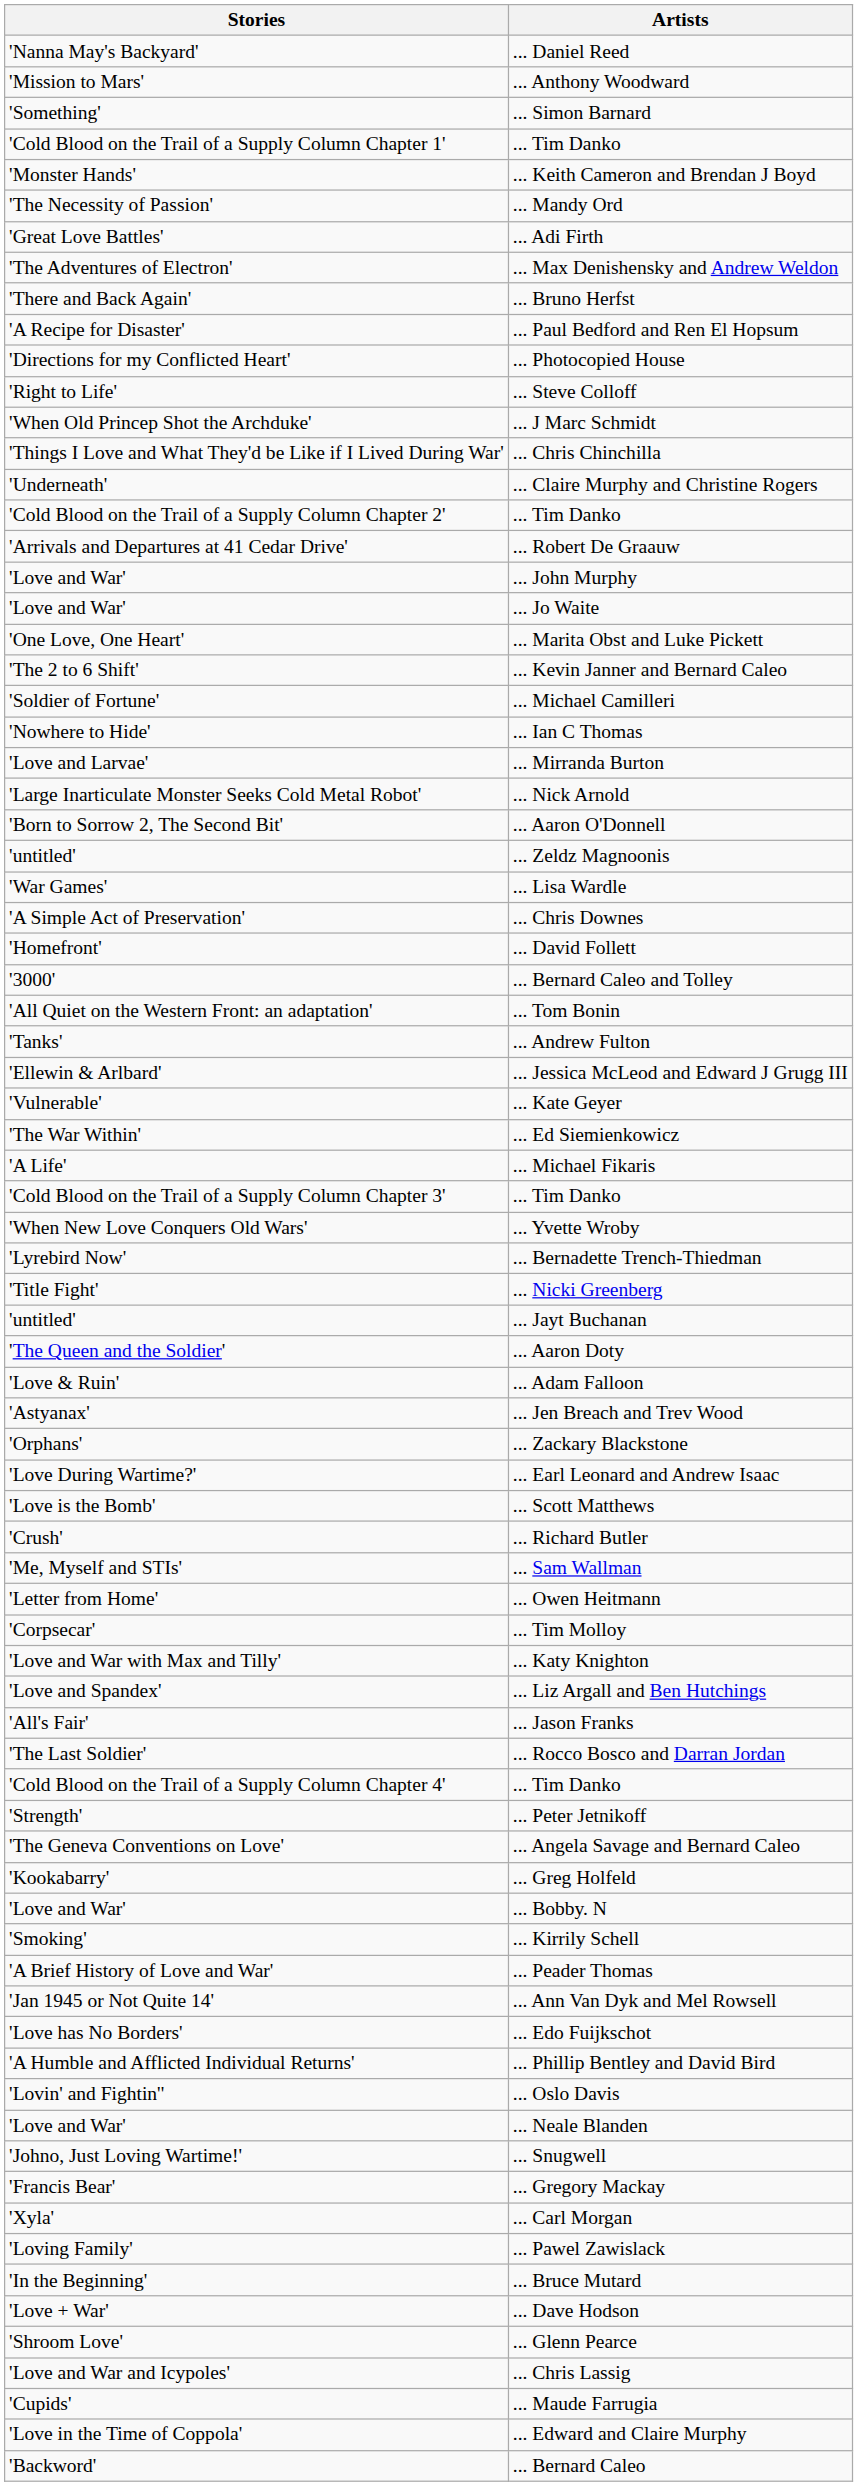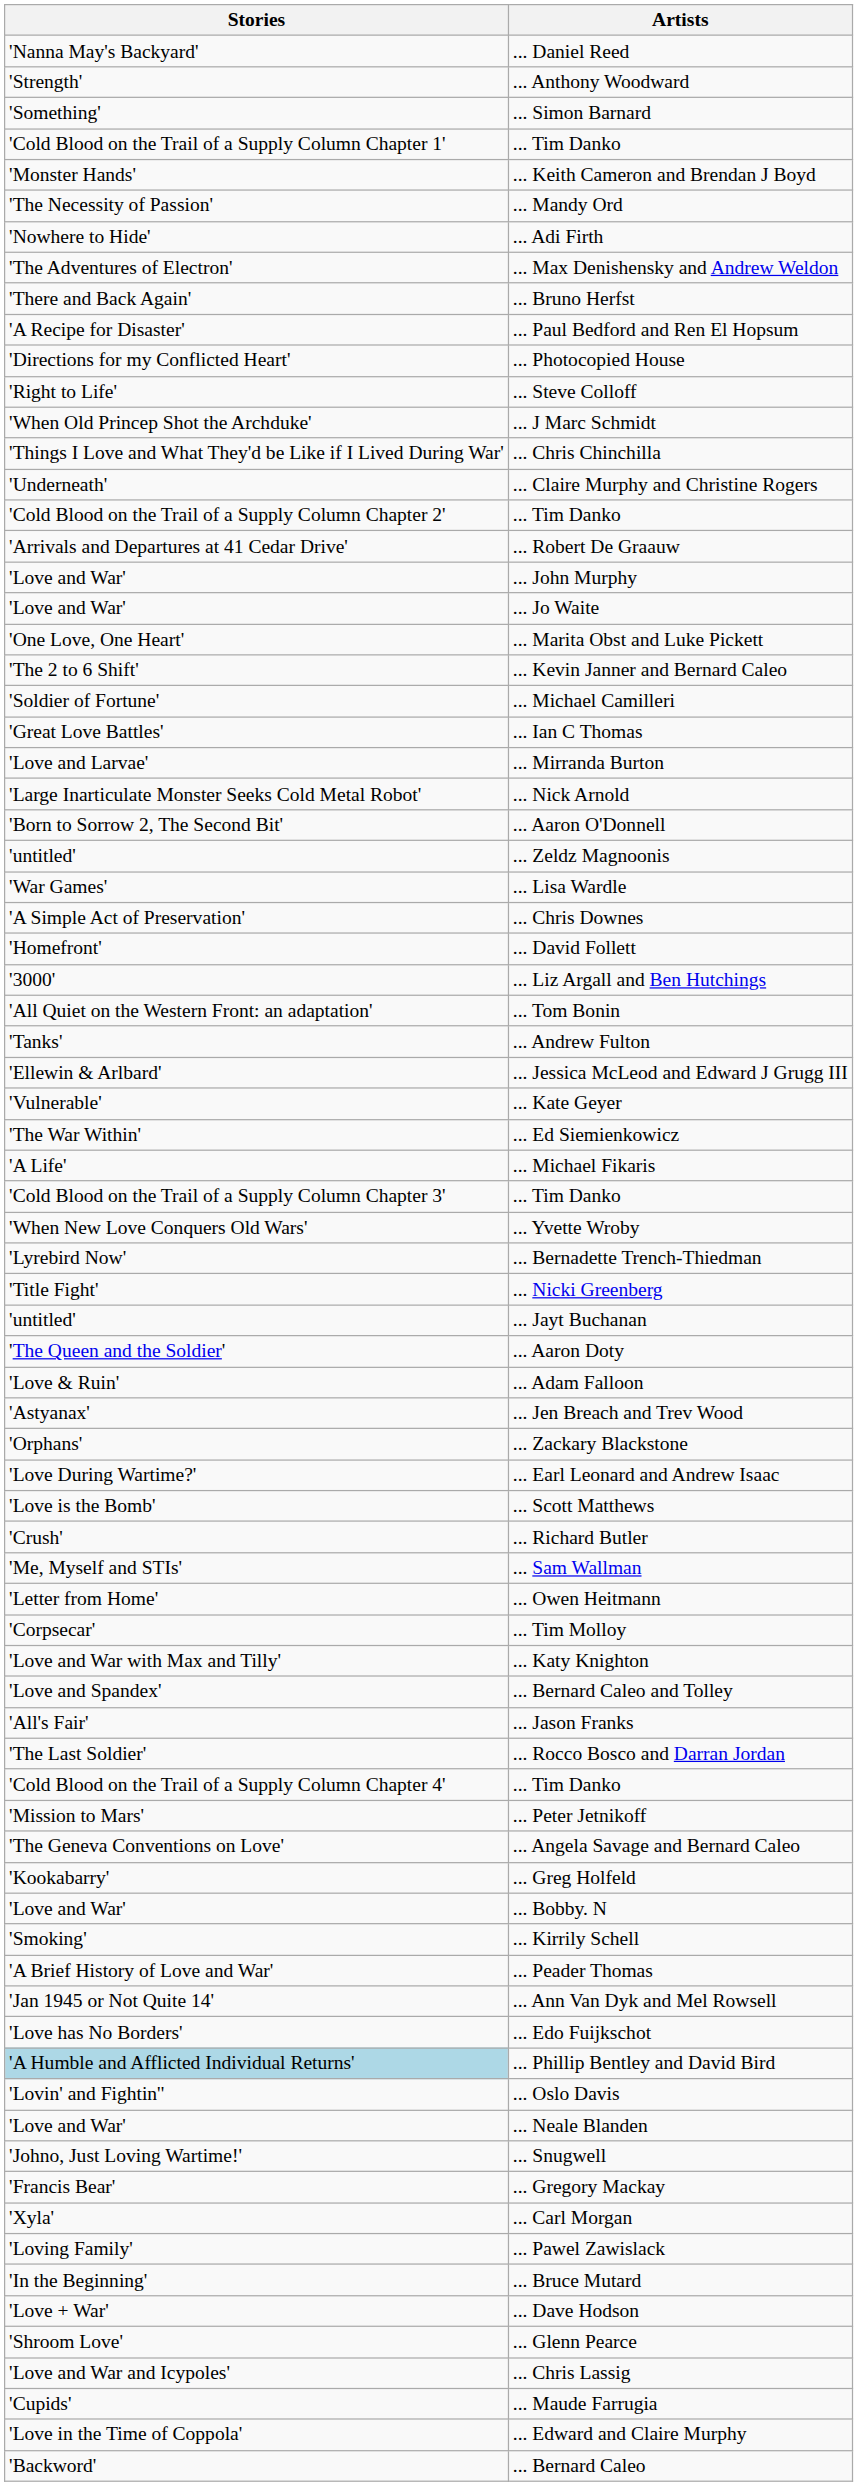 <table class="wikitable">
 <tr>
 <th>Stories</th>
 <th>Artists</th>
 </tr>
 <tr>
 <td>'Nanna May's Backyard'</td>
 <td>... Daniel Reed</td>
 </tr>
 <tr>
-<td>'Mission to Mars'</td>
+<td>'Strength'</td>
 <td>... Anthony Woodward</td>
 </tr>
 <tr>
 <td>'Something'</td>
 <td>... Simon Barnard</td>
 </tr>
 <tr>
 <td>'Cold Blood on the Trail of a Supply Column Chapter 1'</td>
 <td>... Tim Danko</td>
 </tr>
 <tr>
 <td>'Monster Hands'</td>
 <td>... Keith Cameron and Brendan J Boyd</td>
 </tr>
 <tr>
 <td>'The Necessity of Passion'</td>
 <td>... Mandy Ord</td>
 </tr>
 <tr>
-<td>'Great Love Battles'</td>
+<td>'Nowhere to Hide'</td>
 <td>... Adi Firth</td>
 </tr>
 <tr>
 <td>'The Adventures of Electron'</td>
 <td>... Max Denishensky and <a href='#'>Andrew Weldon</a></td>
 </tr>
 <tr>
 <td>'There and Back Again'</td>
 <td>... Bruno Herfst</td>
 </tr>
 <tr>
 <td>'A Recipe for Disaster'</td>
 <td>... Paul Bedford and Ren El Hopsum</td>
 </tr>
 <tr>
 <td>'Directions for my Conflicted Heart'</td>
 <td>... Photocopied House</td>
 </tr>
 <tr>
 <td>'Right to Life'</td>
 <td>... Steve Colloff</td>
 </tr>
 <tr>
 <td>'When Old Princep Shot the Archduke'</td>
 <td>... J Marc Schmidt</td>
 </tr>
 <tr>
 <td>'Things I Love and What They'd be Like if I Lived During War'</td>
 <td>... Chris Chinchilla</td>
 </tr>
 <tr>
 <td>'Underneath'</td>
 <td>... Claire Murphy and Christine Rogers</td>
 </tr>
 <tr>
 <td>'Cold Blood on the Trail of a Supply Column Chapter 2'</td>
 <td>... Tim Danko</td>
 </tr>
 <tr>
 <td>'Arrivals and Departures at 41 Cedar Drive'</td>
 <td>... Robert De Graauw</td>
 </tr>
 <tr>
 <td>'Love and War'</td>
 <td>... John Murphy</td>
 </tr>
 <tr>
 <td>'Love and War'</td>
 <td>... Jo Waite</td>
 </tr>
 <tr>
 <td>'One Love, One Heart'</td>
 <td>... Marita Obst and Luke Pickett</td>
 </tr>
 <tr>
 <td>'The 2 to 6 Shift'</td>
 <td>... Kevin Janner and Bernard Caleo</td>
 </tr>
 <tr>
 <td>'Soldier of Fortune'</td>
 <td>... Michael Camilleri</td>
 </tr>
 <tr>
-<td>'Nowhere to Hide'</td>
+<td>'Great Love Battles'</td>
 <td>... Ian C Thomas</td>
 </tr>
 <tr>
 <td>'Love and Larvae'</td>
 <td>... Mirranda Burton</td>
 </tr>
 <tr>
 <td>'Large Inarticulate Monster Seeks Cold Metal Robot'</td>
 <td>... Nick Arnold</td>
 </tr>
 <tr>
 <td>'Born to Sorrow 2, The Second Bit'</td>
 <td>... Aaron O'Donnell</td>
 </tr>
 <tr>
 <td>'untitled'</td>
 <td>... Zeldz Magnoonis</td>
 </tr>
 <tr>
 <td>'War Games'</td>
 <td>... Lisa Wardle</td>
 </tr>
 <tr>
 <td>'A Simple Act of Preservation'</td>
 <td>... Chris Downes</td>
 </tr>
 <tr>
 <td>'Homefront'</td>
 <td>... David Follett</td>
 </tr>
 <tr>
 <td>'3000'</td>
-<td>... Bernard Caleo and Tolley</td>
+<td>... Liz Argall and <a href='#'>Ben Hutchings</a></td>
 </tr>
 <tr>
 <td>'All Quiet on the Western Front: an adaptation'</td>
 <td>... Tom Bonin</td>
 </tr>
 <tr>
 <td>'Tanks'</td>
 <td>... Andrew Fulton</td>
 </tr>
 <tr>
 <td>'Ellewin & Arlbard'</td>
 <td>... Jessica McLeod and Edward J Grugg III</td>
 </tr>
 <tr>
 <td>'Vulnerable'</td>
 <td>... Kate Geyer</td>
 </tr>
 <tr>
 <td>'The War Within'</td>
 <td>... Ed Siemienkowicz</td>
 </tr>
 <tr>
 <td>'A Life'</td>
 <td>... Michael Fikaris</td>
 </tr>
 <tr>
 <td>'Cold Blood on the Trail of a Supply Column Chapter 3'</td>
 <td>... Tim Danko</td>
 </tr>
 <tr>
 <td>'When New Love Conquers Old Wars'</td>
 <td>... Yvette Wroby</td>
 </tr>
 <tr>
 <td>'Lyrebird Now'</td>
 <td>... Bernadette Trench-Thiedman</td>
 </tr>
 <tr>
 <td>'Title Fight'</td>
 <td>... <a href='#'>Nicki Greenberg</a></td>
 </tr>
 <tr>
 <td>'untitled'</td>
 <td>... Jayt Buchanan</td>
 </tr>
 <tr>
 <td>'<a href='#'>The Queen and the Soldier</a>'</td>
 <td>... Aaron Doty</td>
 </tr>
 <tr>
 <td>'Love & Ruin'</td>
 <td>... Adam Falloon</td>
 </tr>
 <tr>
 <td>'Astyanax'</td>
 <td>... Jen Breach and Trev Wood</td>
 </tr>
 <tr>
 <td>'Orphans'</td>
 <td>... Zackary Blackstone</td>
 </tr>
 <tr>
 <td>'Love During Wartime?'</td>
 <td>... Earl Leonard and Andrew Isaac</td>
 </tr>
 <tr>
 <td>'Love is the Bomb'</td>
 <td>... Scott Matthews</td>
 </tr>
 <tr>
 <td>'Crush'</td>
 <td>... Richard Butler</td>
 </tr>
 <tr>
 <td>'Me, Myself and STIs'</td>
 <td>... <a href='#'>Sam Wallman</a></td>
 </tr>
 <tr>
 <td>'Letter from Home'</td>
 <td>... Owen Heitmann</td>
 </tr>
 <tr>
 <td>'Corpsecar'</td>
 <td>... Tim Molloy</td>
 </tr>
 <tr>
 <td>'Love and War with Max and Tilly'</td>
 <td>... Katy Knighton</td>
 </tr>
 <tr>
 <td>'Love and Spandex'</td>
-<td>... Liz Argall and <a href='#'>Ben Hutchings</a></td>
+<td>... Bernard Caleo and Tolley</td>
 </tr>
 <tr>
 <td>'All's Fair'</td>
 <td>... Jason Franks</td>
 </tr>
 <tr>
 <td>'The Last Soldier'</td>
 <td>... Rocco Bosco and <a href='#'>Darran Jordan</a></td>
 </tr>
 <tr>
 <td>'Cold Blood on the Trail of a Supply Column Chapter 4'</td>
 <td>... Tim Danko</td>
 </tr>
 <tr>
-<td>'Strength'</td>
+<td>'Mission to Mars'</td>
 <td>... Peter Jetnikoff</td>
 </tr>
 <tr>
 <td>'The Geneva Conventions on Love'</td>
 <td>... Angela Savage and Bernard Caleo</td>
 </tr>
 <tr>
 <td>'Kookabarry'</td>
 <td>... Greg Holfeld</td>
 </tr>
 <tr>
 <td>'Love and War'</td>
 <td>... Bobby. N</td>
 </tr>
 <tr>
 <td>'Smoking'</td>
 <td>... Kirrily Schell</td>
 </tr>
 <tr>
 <td>'A Brief History of Love and War'</td>
 <td>... Peader Thomas</td>
 </tr>
 <tr>
 <td>'Jan 1945 or Not Quite 14'</td>
 <td>... Ann Van Dyk and Mel Rowsell</td>
 </tr>
 <tr>
 <td>'Love has No Borders'</td>
 <td>... Edo Fuijkschot</td>
 </tr>
 <tr>
-<td>'A Humble and Afflicted Individual Returns'</td>
+<td style="background: lightblue;">'A Humble and Afflicted Individual Returns'</td>
 <td>... Phillip Bentley and David Bird</td>
 </tr>
 <tr>
 <td>'Lovin' and Fightin''</td>
 <td>... Oslo Davis</td>
 </tr>
 <tr>
 <td>'Love and War'</td>
 <td>... Neale Blanden</td>
 </tr>
 <tr>
 <td>'Johno, Just Loving Wartime!'</td>
 <td>... Snugwell</td>
 </tr>
 <tr>
 <td>'Francis Bear'</td>
 <td>... Gregory Mackay</td>
 </tr>
 <tr>
 <td>'Xyla'</td>
 <td>... Carl Morgan</td>
 </tr>
 <tr>
 <td>'Loving Family'</td>
 <td>... Pawel Zawislack</td>
 </tr>
 <tr>
 <td>'In the Beginning'</td>
 <td>... Bruce Mutard</td>
 </tr>
 <tr>
 <td>'Love + War'</td>
 <td>... Dave Hodson</td>
 </tr>
 <tr>
 <td>'Shroom Love'</td>
 <td>... Glenn Pearce</td>
 </tr>
 <tr>
 <td>'Love and War and Icypoles'</td>
 <td>... Chris Lassig</td>
 </tr>
 <tr>
 <td>'Cupids'</td>
 <td>... Maude Farrugia</td>
 </tr>
 <tr>
 <td>'Love in the Time of Coppola'</td>
 <td>... Edward and Claire Murphy</td>
 </tr>
 <tr>
 <td>'Backword'</td>
 <td>... Bernard Caleo</td>
 </tr>
 </table>
